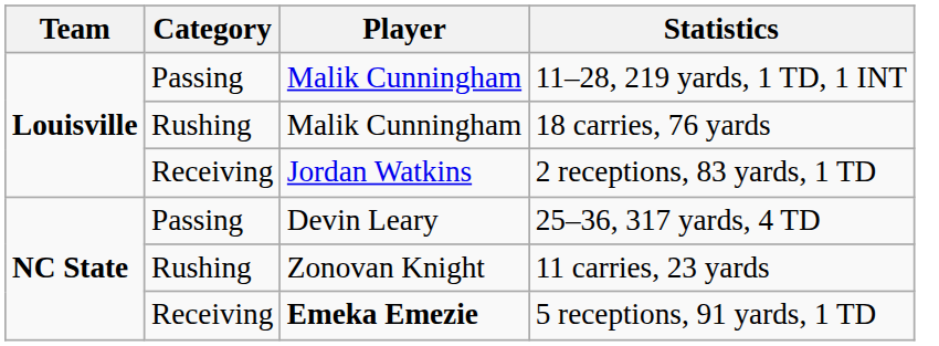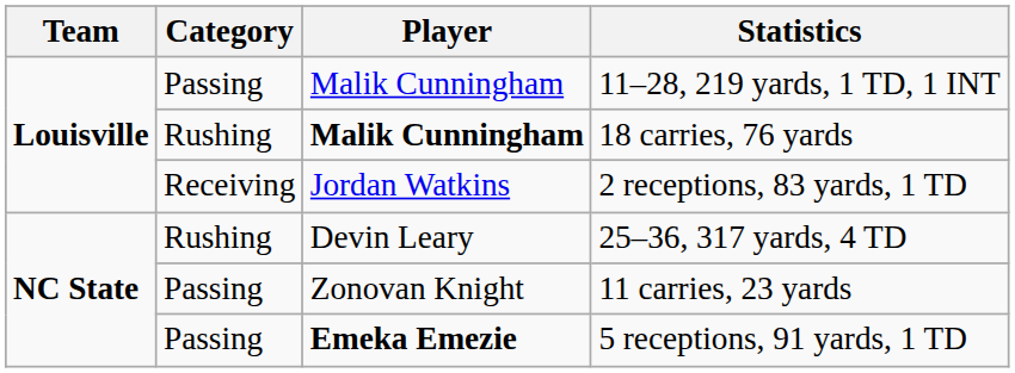 <table class="wikitable" style="float: left;">
 <tr>
 <th>Team</th>
 <th>Category</th>
 <th>Player</th>
 <th>Statistics</th>
 </tr>
 <tr>
 <td rowspan=3><strong>Louisville</strong></td>
 <td>Passing</td>
 <td><a href='#'>Malik Cunningham</a></td>
 <td>11–28, 219 yards, 1 TD, 1 INT</td>
 </tr>
 <tr>
 <td>Rushing</td>
-<td>Malik Cunningham</td>
+<td><strong>Malik Cunningham</strong></td>
 <td>18 carries, 76 yards</td>
 </tr>
 <tr>
 <td>Receiving</td>
 <td><a href='#'>Jordan Watkins</a></td>
 <td>2 receptions, 83 yards, 1 TD</td>
 </tr>
 <tr>
 <td rowspan=3><strong>NC State</strong></td>
-<td>Passing</td>
+<td>Rushing</td>
 <td>Devin Leary</td>
 <td>25–36, 317 yards, 4 TD</td>
 </tr>
 <tr>
-<td>Rushing</td>
+<td>Passing</td>
 <td>Zonovan Knight</td>
 <td>11 carries, 23 yards</td>
 </tr>
 <tr>
-<td>Receiving</td>
+<td>Passing</td>
 <td><strong>Emeka Emezie</strong></td>
 <td>5 receptions, 91 yards, 1 TD</td>
 </tr>
 </table>
